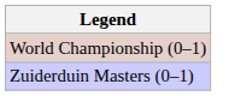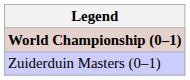 <table class="wikitable">
 <tr>
 <th>Legend</th>
 </tr>
 <tr style="background:#e5d1cb;">
-<td>World Championship (0–1)</td>
+<td><strong>World Championship (0–1)</strong></td>
 </tr>
 <tr style="background:#ccf;">
 <td>Zuiderduin Masters (0–1)</td>
 </tr>
 </table>
